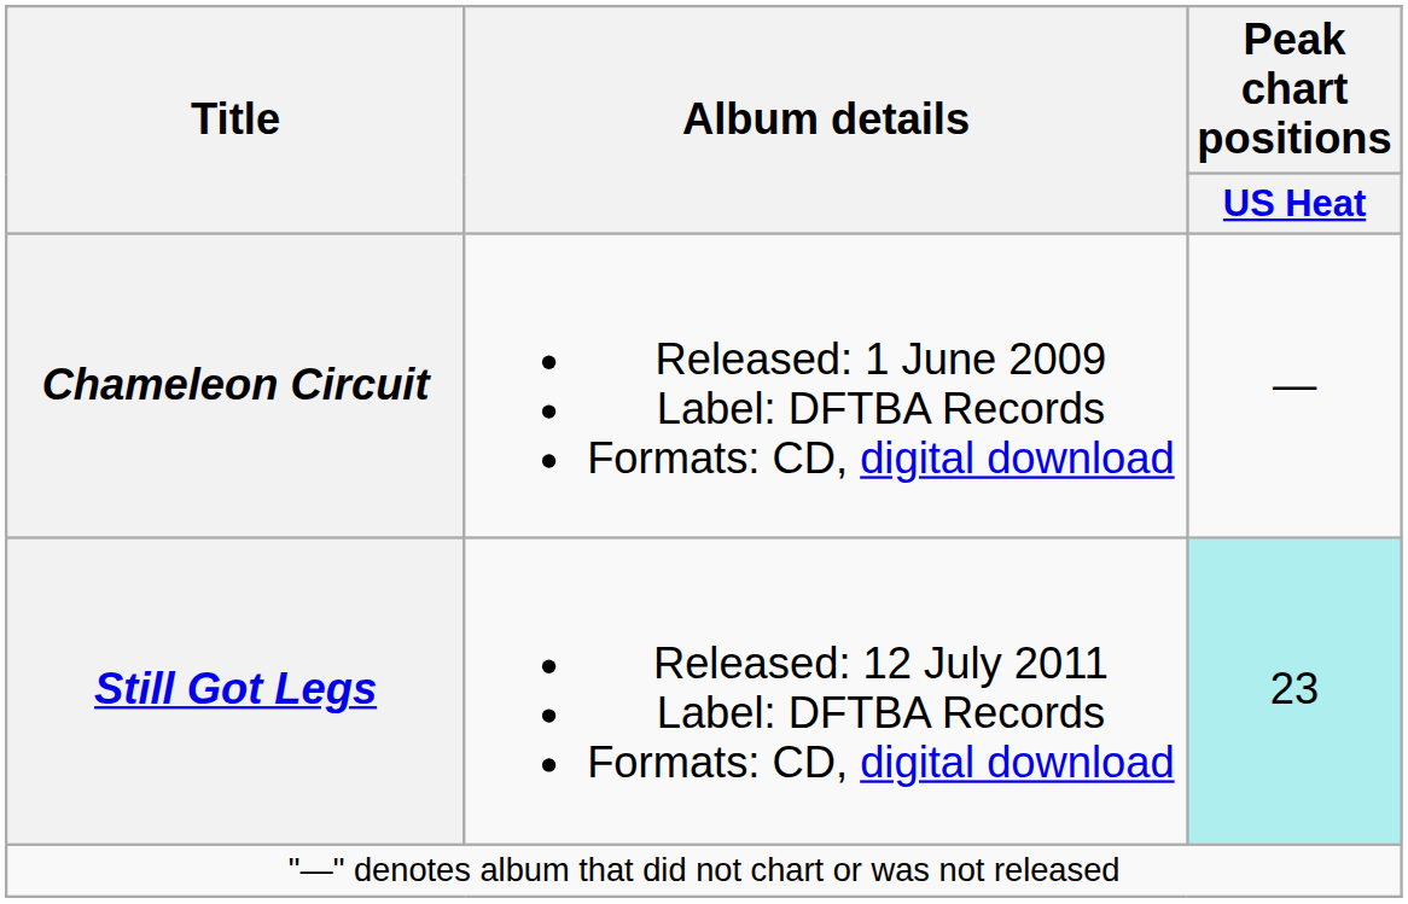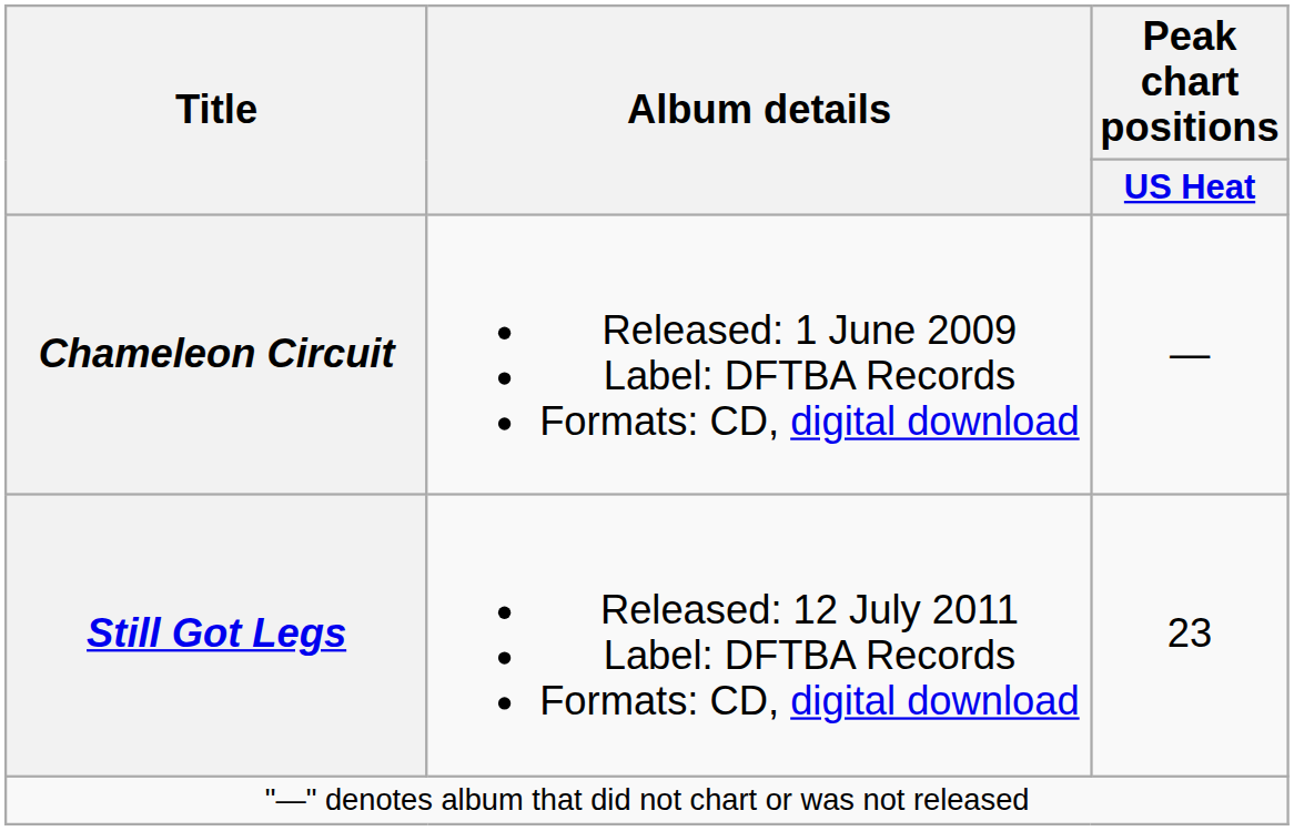 <table class="wikitable plainrowheaders" style="text-align:center;">
 <tr>
 <th scope="col" rowspan="2" style="width:10em;">Title</th>
 <th scope="col" rowspan="2" style="width:16em;">Album details</th>
 <th scope="col">Peak chart positions</th>
 </tr>
 <tr>
 <th scope="col" style="width:3em;font-size:85%;"><a href='#'>US Heat</a><br></th>
 </tr>
 <tr>
 <th scope="row"><strong><em>Chameleon Circuit</em></strong></th>
 <td><br><ul><li>Released: 1 June 2009</li><li>Label: DFTBA Records</li><li>Formats: CD, <a href='#'>digital download</a></li></ul></td>
 <td>—</td>
 </tr>
 <tr>
 <th scope="row"><strong><em><a href='#'>Still Got Legs</a></em></strong></th>
 <td><br><ul><li>Released: 12 July 2011</li><li>Label: DFTBA Records</li><li>Formats: CD, <a href='#'>digital download</a></li></ul></td>
-<td style="background: paleturquoise;">23</td>
+<td>23</td>
 </tr>
 <tr>
 <td colspan="14" style="font-size:9pt">"—" denotes album that did not chart or was not released</td>
 </tr>
 </table>
